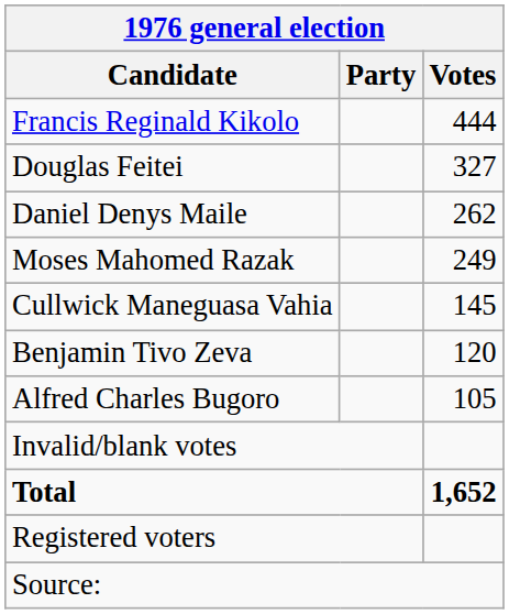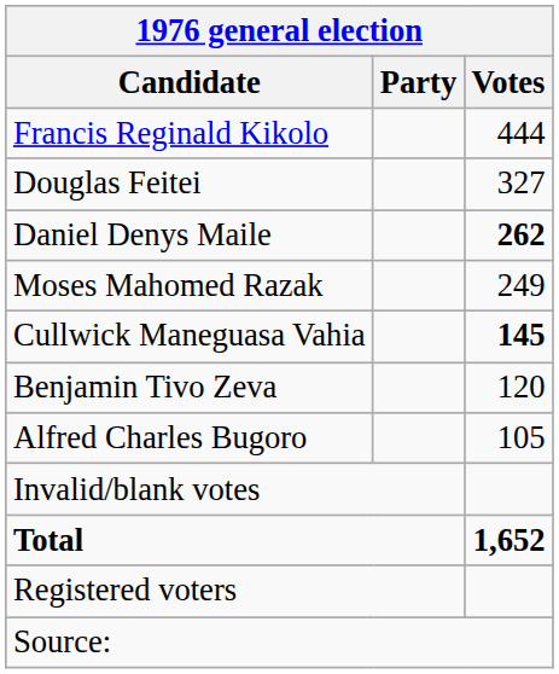 <table class=wikitable style=text-align:left>
 <tr>
 <th colspan=3><a href='#'>1976 general election</a></th>
 </tr>
 <tr>
 <th>Candidate</th>
 <th>Party</th>
 <th>Votes</th>
 </tr>
 <tr>
 <td><a href='#'>Francis Reginald Kikolo</a></td>
 <td></td>
 <td align=right>444</td>
 </tr>
 <tr>
 <td>Douglas Feitei</td>
 <td></td>
 <td align=right>327</td>
 </tr>
 <tr>
 <td>Daniel Denys Maile</td>
 <td></td>
-<td align=right>262</td>
+<td align=right><strong>262</strong></td>
 </tr>
 <tr>
 <td>Moses Mahomed Razak</td>
 <td></td>
 <td align=right>249</td>
 </tr>
 <tr>
 <td>Cullwick Maneguasa Vahia</td>
 <td></td>
-<td align=right>145</td>
+<td align=right><strong>145</strong></td>
 </tr>
 <tr>
 <td>Benjamin Tivo Zeva</td>
 <td></td>
 <td align=right>120</td>
 </tr>
 <tr>
 <td>Alfred Charles Bugoro</td>
 <td></td>
 <td align=right>105</td>
 </tr>
 <tr>
 <td colspan=2>Invalid/blank votes</td>
 <td></td>
 </tr>
 <tr>
 <td colspan=2><strong>Total</strong></td>
 <td align=right><strong>1,652</strong></td>
 </tr>
 <tr>
 <td colspan=2>Registered voters</td>
 <td align=right></td>
 </tr>
 <tr>
 <td colspan=3>Source: </td>
 </tr>
 </table>
